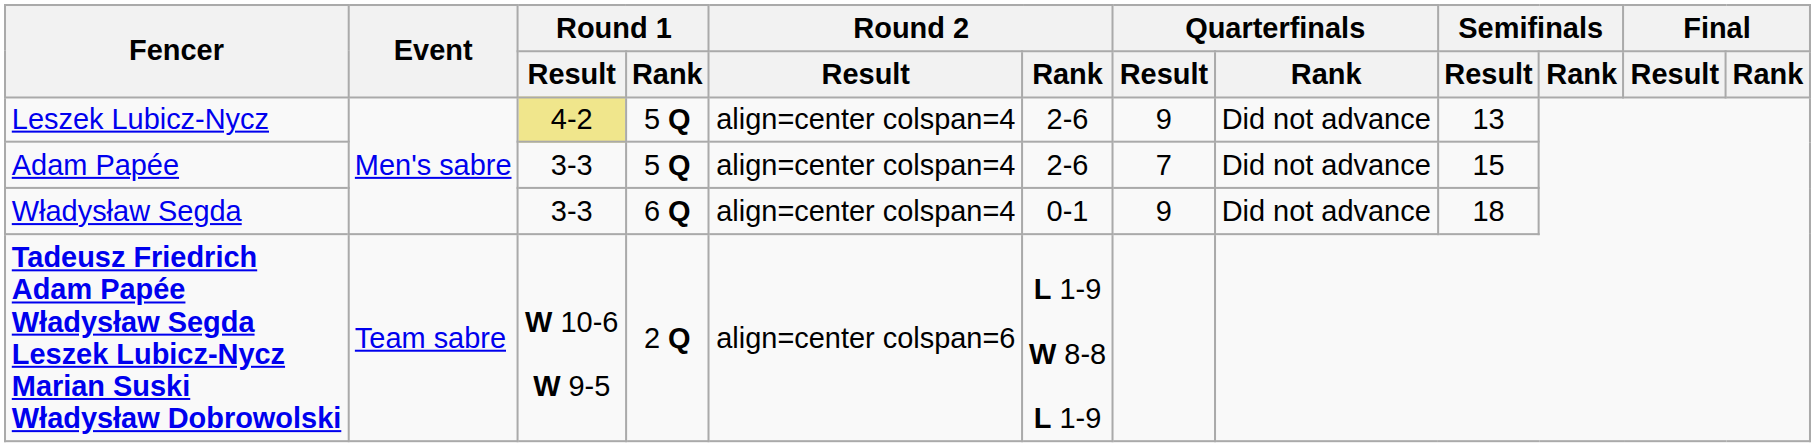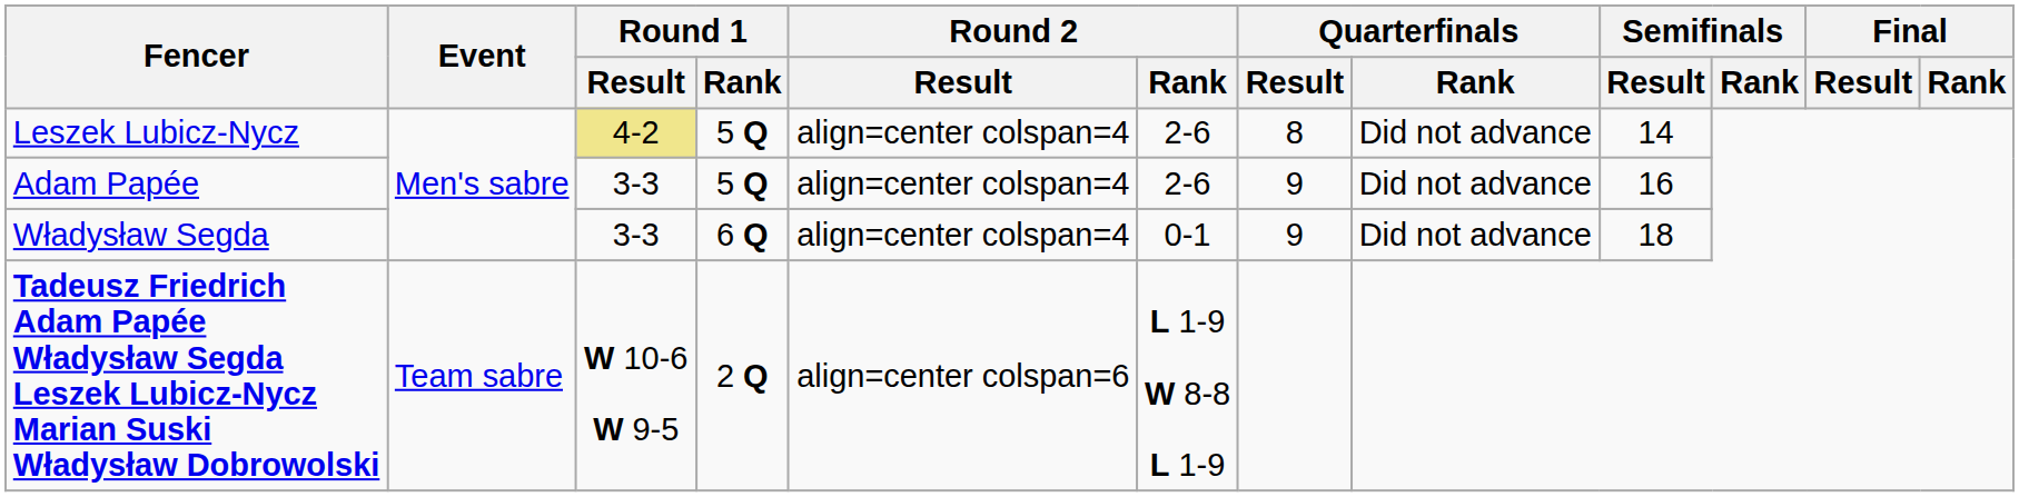 <table class=wikitable style="font-size:90%">
 <tr>
 <th rowspan=2>Fencer</th>
 <th rowspan=2>Event</th>
 <th colspan=2>Round 1</th>
 <th colspan=2>Round 2</th>
 <th colspan=2>Quarterfinals</th>
 <th colspan=2>Semifinals</th>
 <th colspan=2>Final</th>
 </tr>
 <tr>
 <th>Result</th>
 <th>Rank</th>
 <th>Result</th>
 <th>Rank</th>
 <th>Result</th>
 <th>Rank</th>
 <th>Result</th>
 <th>Rank</th>
 <th>Result</th>
 <th>Rank</th>
 </tr>
 <tr>
 <td><a href='#'>Leszek Lubicz-Nycz</a></td>
 <td align=center rowspan=3><a href='#'>Men's sabre</a></td>
 <td align=center style="background: khaki;">4-2</td>
 <td align=center>5 <strong>Q</strong></td>
 <td>align=center colspan=4 </td>
 <td align=center>2-6</td>
-<td align=center>9</td>
+<td align=center>8</td>
 <td align=center colspan=1>Did not advance</td>
-<td align=center colspan=1>13</td>
+<td align=center colspan=1>14</td>
 </tr>
 <tr>
 <td><a href='#'>Adam Papée</a></td>
 <td align=center>3-3</td>
 <td align=center>5 <strong>Q</strong></td>
 <td>align=center colspan=4 </td>
 <td align=center>2-6</td>
-<td align=center>7</td>
+<td align=center>9</td>
 <td align=center colspan=1>Did not advance</td>
-<td align=center colspan=1>15</td>
+<td align=center colspan=1>16</td>
 </tr>
 <tr>
 <td><a href='#'>Władysław Segda</a></td>
 <td align=center>3-3</td>
 <td align=center>6 <strong>Q</strong></td>
 <td>align=center colspan=4 </td>
 <td align=center>0-1</td>
 <td align=center>9</td>
 <td align=center colspan=1>Did not advance</td>
 <td align=center colspan=1>18</td>
 </tr>
 <tr>
 <td><strong><a href='#'>Tadeusz Friedrich</a> <br> <a href='#'>Adam Papée</a> <br> <a href='#'>Władysław Segda</a> <br> <a href='#'>Leszek Lubicz-Nycz</a><br> <a href='#'>Marian Suski</a> <br> <a href='#'>Władysław Dobrowolski</a></strong></td>
 <td><a href='#'>Team sabre</a></td>
 <td align=center><br> <strong>W</strong> 10-6<br><br> <strong>W</strong> 9-5</td>
 <td align=center>2 <strong>Q</strong></td>
 <td>align=center colspan=6 </td>
 <td align=center><br> <strong>L</strong> 1-9<br><br> <strong>W</strong> 8-8<br><br> <strong>L</strong> 1-9</td>
 <td align=center></td>
 </tr>
 </table>
